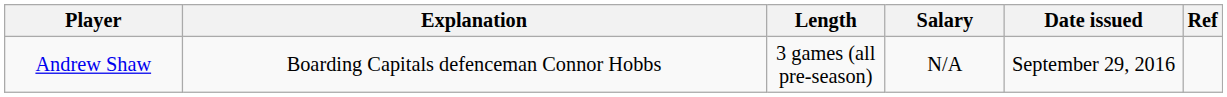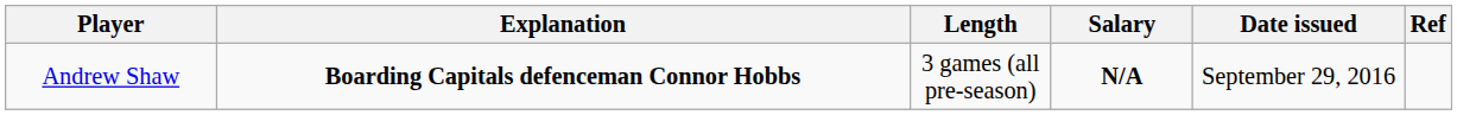 <table class="wikitable" style="width:60em; text-align:center;">
 <tr>
 <th style="width:15%;">Player</th>
 <th style="width:50%;">Explanation</th>
 <th style="width:10%;">Length</th>
 <th style="width:10%;">Salary</th>
 <th style="width:15%;">Date issued</th>
 <th>Ref</th>
 </tr>
 <tr>
 <td><a href='#'>Andrew Shaw</a></td>
-<td>Boarding Capitals defenceman Connor Hobbs</td>
+<td><strong>Boarding Capitals defenceman Connor Hobbs</strong></td>
 <td>3 games (all pre-season)</td>
-<td>N/A</td>
+<td><strong>N/A</strong></td>
 <td>September 29, 2016</td>
 <td></td>
 </tr>
 </table>
